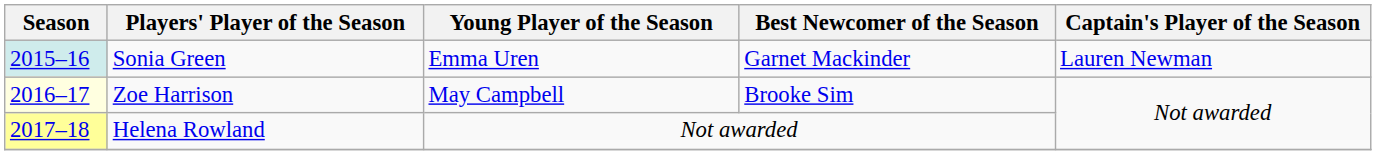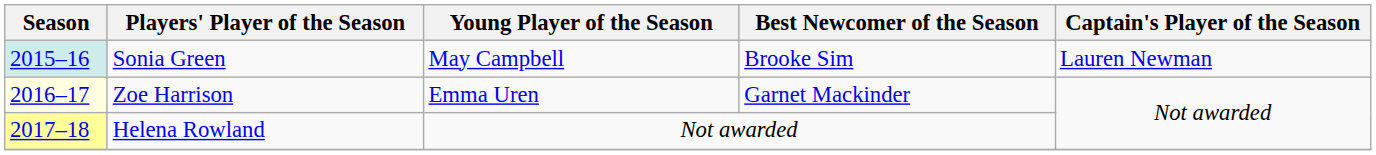 <table class="wikitable sticky-header">
 <tr>
 <th width=65>Season</th>
 <th width=215>Players' Player of the Season</th>
 <th width=215>Young Player of the Season</th>
 <th width=215>Best Newcomer of the Season</th>
 <th width=215>Captain's Player of the Season</th>
 </tr>
 <tr>
 <td style="background:#CFECEC"><a href='#'>2015–16</a><small></small></td>
 <td> <a href='#'>Sonia Green</a></td>
-<td> <a href='#'>Emma Uren</a></td>
-<td> <a href='#'>Garnet Mackinder</a></td>
+<td> <a href='#'>May Campbell</a></td>
+<td> <a href='#'>Brooke Sim</a></td>
 <td> <a href='#'>Lauren Newman</a></td>
 </tr>
 <tr>
 <td style="background: lightyellow;"><a href='#'>2016–17</a></td>
 <td> <a href='#'>Zoe Harrison</a></td>
-<td> <a href='#'>May Campbell</a></td>
-<td> <a href='#'>Brooke Sim</a></td>
+<td> <a href='#'>Emma Uren</a></td>
+<td> <a href='#'>Garnet Mackinder</a></td>
 <td align=center rowspan=2><em>Not awarded</em></td>
 </tr>
 <tr>
 <td style="background:#FFFF99"><a href='#'>2017–18</a></td>
 <td> <a href='#'>Helena Rowland</a></td>
 <td align=center colspan=2><em>Not awarded</em></td>
 </tr>
 <tr>
 </tr>
 </table>
